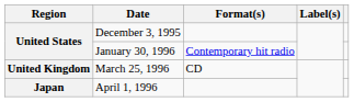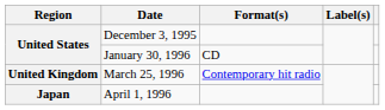 <table class="wikitable plainrowheaders">
 <tr>
 <th scope="col">Region</th>
 <th scope="col">Date</th>
 <th scope="col">Format(s)</th>
 <th scope="col">Label(s)</th>
 <th scope="col"></th>
 </tr>
 <tr>
 <th scope="row" rowspan="2">United States</th>
 <td>December 3, 1995</td>
 <td></td>
 <td rowspan="2"></td>
 <td></td>
 </tr>
 <tr>
 <td>January 30, 1996</td>
-<td><a href='#'>Contemporary hit radio</a></td>
+<td>CD</td>
 <td></td>
 </tr>
 <tr>
 <th scope="row">United Kingdom</th>
 <td>March 25, 1996</td>
-<td>CD</td>
+<td><a href='#'>Contemporary hit radio</a></td>
 <td rowspan="2"></td>
 <td></td>
 </tr>
 <tr>
 <th scope="row">Japan</th>
 <td>April 1, 1996</td>
 <td></td>
 <td></td>
 </tr>
 </table>
